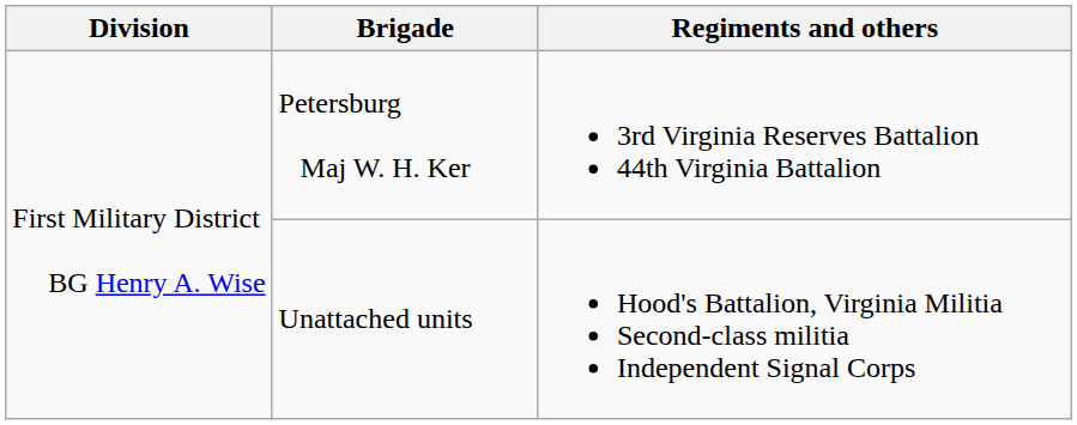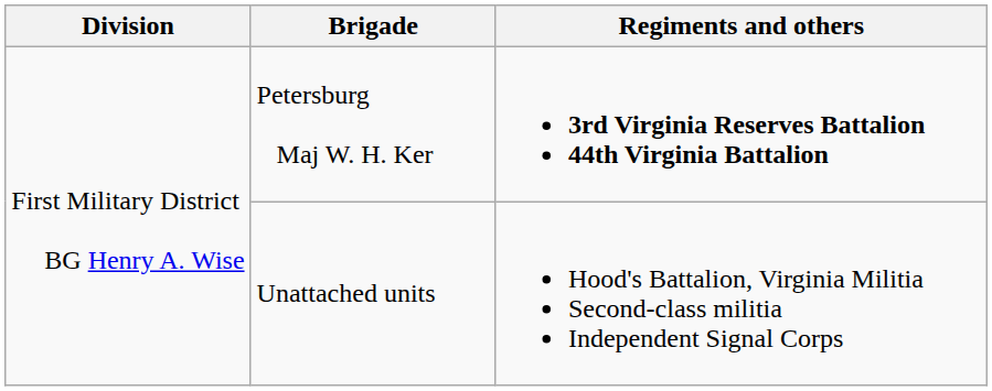 <table class="wikitable">
 <tr>
 <th style="width:25%;">Division</th>
 <th style="width:25%;">Brigade</th>
 <th>Regiments and others</th>
 </tr>
 <tr>
 <td rowspan=2><br>First Military District<br><br>     BG <a href='#'>Henry A. Wise</a></td>
 <td>Petersburg<br><br>   Maj W. H. Ker</td>
-<td><br><ul><li>3rd Virginia Reserves Battalion</li><li>44th Virginia Battalion</li></ul></td>
+<td><strong><br><ul><li>3rd Virginia Reserves Battalion</li><li>44th Virginia Battalion</li></ul></strong></td>
 </tr>
 <tr>
 <td>Unattached units</td>
 <td><br><ul><li>Hood's Battalion, Virginia Militia</li><li>Second-class militia</li><li>Independent Signal Corps</li></ul></td>
 </tr>
 </table>
